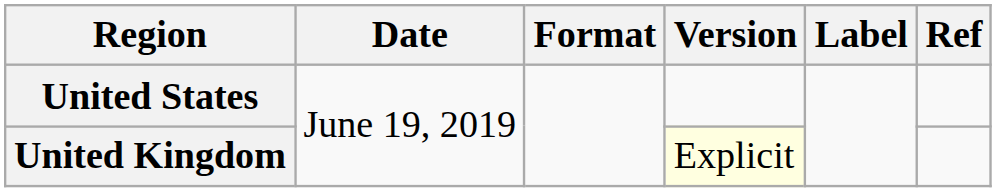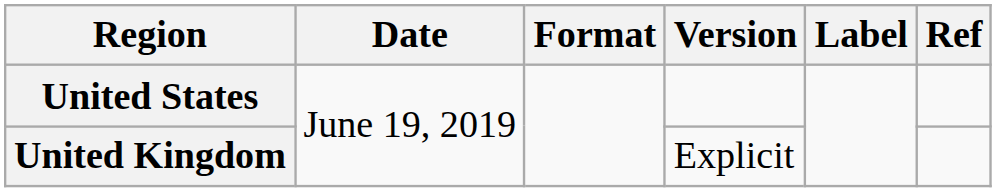 <table class="wikitable plainrowheaders">
 <tr>
 <th scope="col">Region</th>
 <th scope="col">Date</th>
 <th scope="col">Format</th>
 <th scope="col">Version</th>
 <th scope="col">Label</th>
 <th scope="col">Ref</th>
 </tr>
 <tr>
 <th scope="row">United States</th>
 <td rowspan="2">June 19, 2019</td>
 <td rowspan="2"></td>
 <td></td>
 <td rowspan="2"></td>
 <td></td>
 </tr>
 <tr>
 <th scope="row">United Kingdom</th>
-<td style="background: lightyellow;">Explicit</td>
+<td>Explicit</td>
 <td></td>
 </tr>
 </table>
